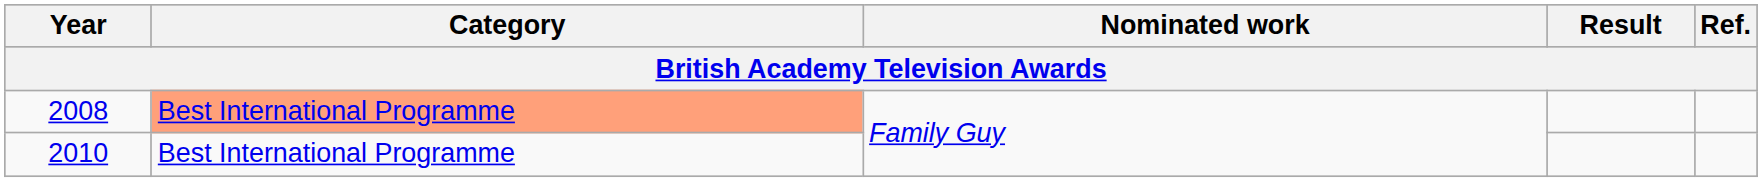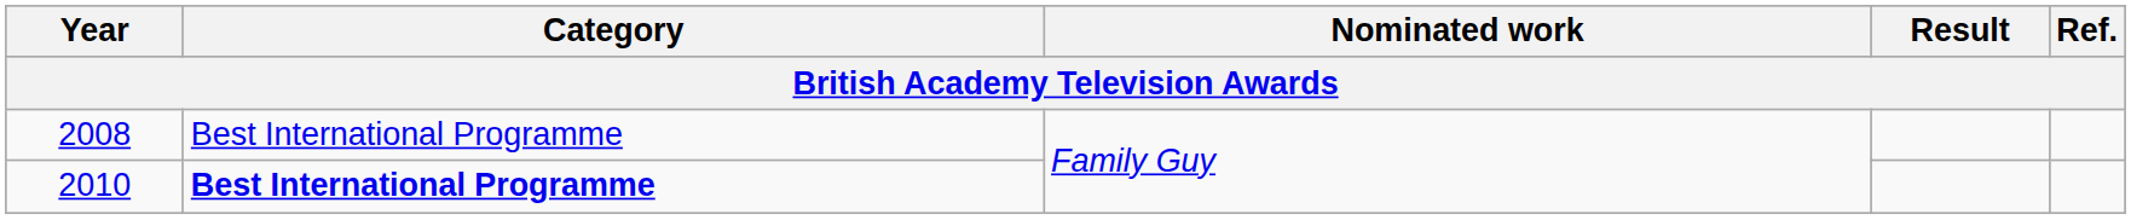 <table class=wikitable>
 <tr>
 <th scope="col" style="width:5em;">Year</th>
 <th scope="col" style="width:26em;">Category</th>
 <th scope="col" style="width:25em;">Nominated work</th>
 <th scope="col" style="width:5em;">Result</th>
 <th>Ref.</th>
 </tr>
 <tr>
 <th colspan=5><a href='#'>British Academy Television Awards</a></th>
 </tr>
 <tr>
 <td style="text-align:center;"><a href='#'>2008</a></td>
-<td style="background: lightsalmon;"><a href='#'>Best International Programme</a></td>
+<td><a href='#'>Best International Programme</a></td>
 <td rowspan="2"><em><a href='#'>Family Guy</a></em></td>
 <td></td>
 <td style="text-align:center;"></td>
 </tr>
 <tr>
 <td style="text-align:center;"><a href='#'>2010</a></td>
-<td><a href='#'>Best International Programme</a></td>
+<td><strong><a href='#'>Best International Programme</a></strong></td>
 <td></td>
 <td style="text-align:center;"></td>
 </tr>
 </table>
